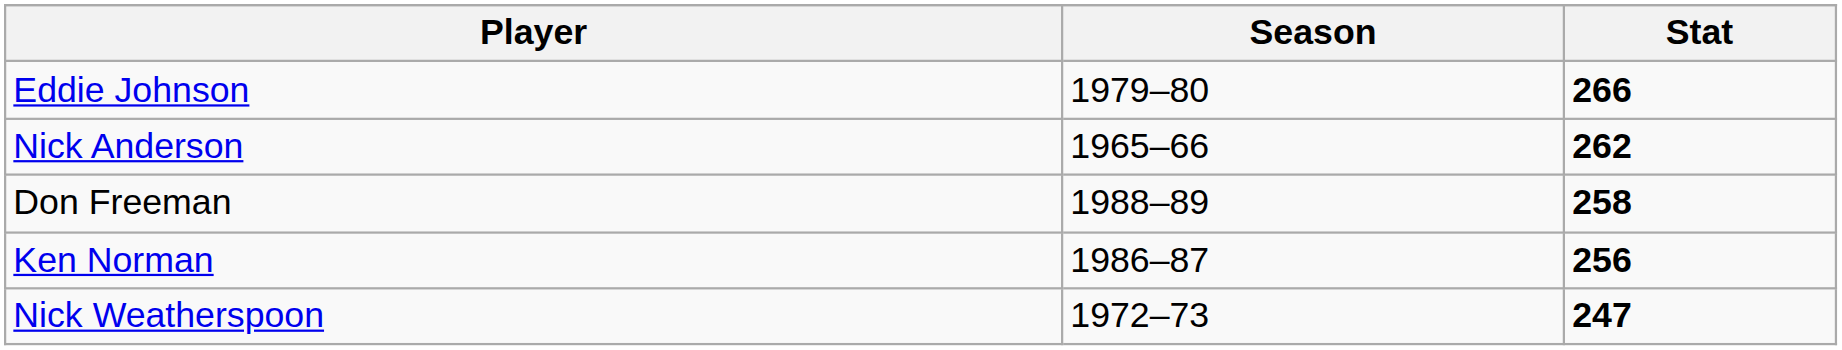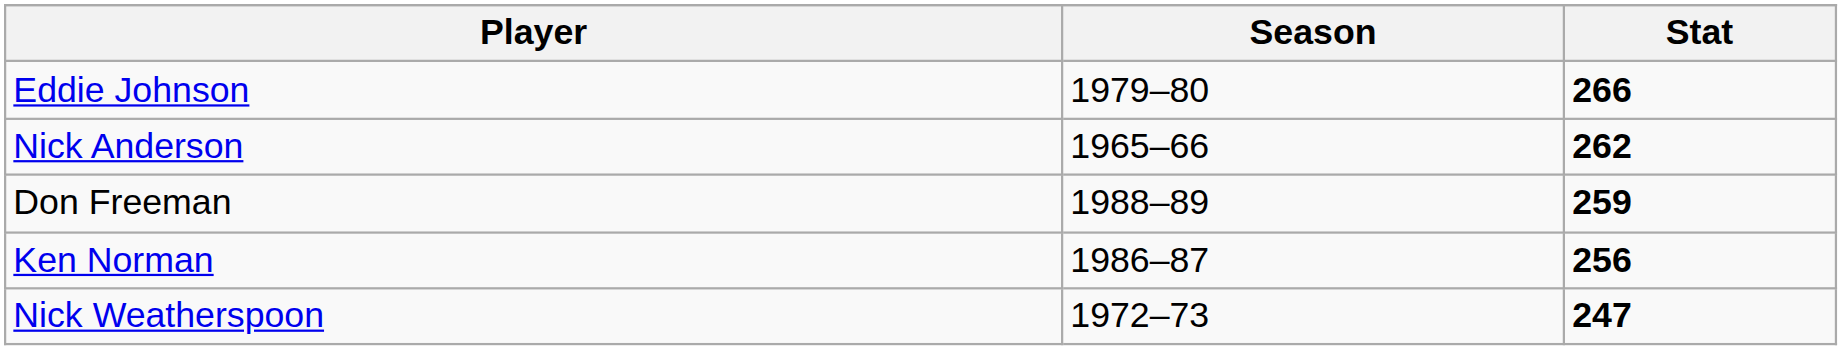 <table class="wikitable sortable" style="text-align: left; width: 65%">
 <tr>
 </tr>
 <tr>
 <th>Player</th>
 <th>Season</th>
 <th>Stat</th>
 </tr>
 <tr>
 <td><a href='#'>Eddie Johnson</a></td>
 <td>1979–80</td>
 <td><strong>266</strong></td>
 </tr>
 <tr>
 <td><a href='#'>Nick Anderson</a></td>
 <td>1965–66</td>
 <td><strong>262</strong></td>
 </tr>
 <tr>
 <td>Don Freeman</td>
 <td>1988–89</td>
-<td><strong>258</strong></td>
+<td><strong>259</strong></td>
 </tr>
 <tr>
 <td><a href='#'>Ken Norman</a></td>
 <td>1986–87</td>
 <td><strong>256</strong></td>
 </tr>
 <tr>
 <td><a href='#'>Nick Weatherspoon</a></td>
 <td>1972–73</td>
 <td><strong>247</strong></td>
 </tr>
 </table>
